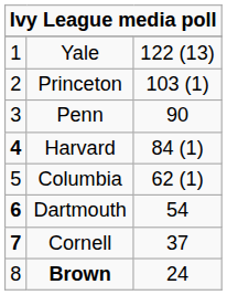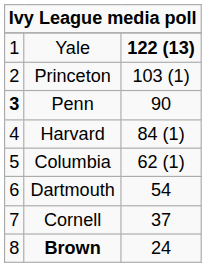 <table class="wikitable" style="display: inline-table;">
 <tr>
 <td align="center" Colspan="3"><strong>Ivy League media poll</strong></td>
 </tr>
 <tr align="center">
 </tr>
 <tr align="center">
 <td>1</td>
 <td>Yale</td>
-<td>122 (13)</td>
+<td><strong>122 (13)</strong></td>
 </tr>
 <tr align="center">
 <td>2</td>
 <td>Princeton</td>
 <td>103 (1)</td>
 </tr>
 <tr align="center">
-<td>3</td>
+<td><strong>3</strong></td>
 <td>Penn</td>
 <td>90</td>
 </tr>
 <tr align="center">
-<td><strong>4</strong></td>
+<td>4</td>
 <td>Harvard</td>
 <td>84 (1)</td>
 </tr>
 <tr align="center">
 <td>5</td>
 <td>Columbia</td>
 <td>62 (1)</td>
 </tr>
 <tr align="center">
-<td><strong>6</strong></td>
+<td>6</td>
 <td>Dartmouth</td>
 <td>54</td>
 </tr>
 <tr align="center">
-<td><strong>7</strong></td>
+<td>7</td>
 <td>Cornell</td>
 <td>37</td>
 </tr>
 <tr align="center">
 <td>8</td>
 <td><strong>Brown</strong></td>
 <td>24</td>
 </tr>
 </table>
